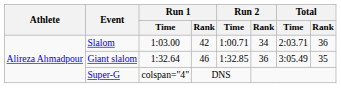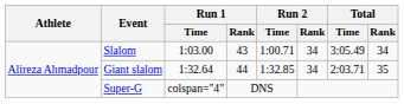 <table class="wikitable" style="font-size:90%">
 <tr>
 <th rowspan=2>Athlete</th>
 <th rowspan=2>Event</th>
 <th colspan=2>Run 1</th>
 <th colspan=2>Run 2</th>
 <th colspan=2>Total</th>
 </tr>
 <tr style="font-size:95%">
 <th>Time</th>
 <th>Rank</th>
 <th>Time</th>
 <th>Rank</th>
 <th>Time</th>
 <th>Rank</th>
 </tr>
 <tr align=center>
 <td align="left" rowspan="3"><a href='#'>Alireza Ahmadpour</a></td>
 <td align="left"><a href='#'>Slalom</a></td>
 <td>1:03.00</td>
-<td>42</td>
+<td>43</td>
 <td>1:00.71</td>
 <td>34</td>
-<td>2:03.71</td>
-<td>36</td>
+<td>3:05.49</td>
+<td>34</td>
 </tr>
 <tr align=center>
 <td align="left"><a href='#'>Giant slalom</a></td>
 <td>1:32.64</td>
-<td>46</td>
+<td>44</td>
 <td>1:32.85</td>
-<td>36</td>
-<td>3:05.49</td>
+<td>34</td>
+<td>2:03.71</td>
 <td>35</td>
 </tr>
 <tr align=center>
 <td align="left"><a href='#'>Super-G</a></td>
 <td>colspan="4" </td>
 <td colspan=2>DNS</td>
 </tr>
 </table>
